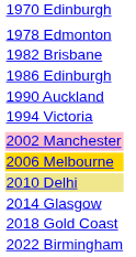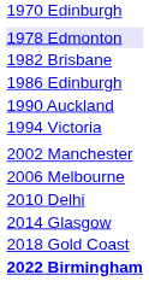 <table>
 <tr>
 <td><a href='#'>1970 Edinburgh</a></td>
 <td></td>
 <td></td>
 <td></td>
 </tr>
 <tr>
 <td></td>
 <td></td>
 <td></td>
 <td></td>
 </tr>
 <tr>
-<td><a href='#'>1978 Edmonton</a></td>
+<td style="background: lavender;"><a href='#'>1978 Edmonton</a></td>
 <td></td>
 <td></td>
 <td></td>
 </tr>
 <tr>
 <td><a href='#'>1982 Brisbane</a></td>
 <td></td>
 <td></td>
 <td></td>
 </tr>
 <tr>
 <td><a href='#'>1986 Edinburgh</a></td>
 <td></td>
 <td></td>
 <td></td>
 </tr>
 <tr>
 <td><a href='#'>1990 Auckland</a></td>
 <td></td>
 <td></td>
 <td></td>
 </tr>
 <tr>
 <td><a href='#'>1994 Victoria</a></td>
 <td></td>
 <td></td>
 <td></td>
 </tr>
 <tr>
 <td></td>
 <td></td>
 <td></td>
 <td></td>
 </tr>
 <tr>
-<td style="background: pink;"><a href='#'>2002 Manchester</a><br></td>
+<td><a href='#'>2002 Manchester</a><br></td>
 <td></td>
 <td></td>
 <td></td>
 </tr>
 <tr>
-<td style="background: gold;"><a href='#'>2006 Melbourne</a><br></td>
+<td><a href='#'>2006 Melbourne</a><br></td>
 <td></td>
 <td></td>
 <td></td>
 </tr>
 <tr>
-<td style="background: khaki;"><a href='#'>2010 Delhi</a><br></td>
+<td><a href='#'>2010 Delhi</a><br></td>
 <td></td>
 <td></td>
 <td></td>
 </tr>
 <tr>
 <td><a href='#'>2014 Glasgow</a><br></td>
 <td></td>
 <td></td>
 <td></td>
 </tr>
 <tr>
 <td><a href='#'>2018 Gold Coast</a><br></td>
 <td></td>
 <td></td>
 <td></td>
 </tr>
 <tr>
-<td><a href='#'>2022 Birmingham</a><br></td>
+<td><strong><a href='#'>2022 Birmingham</a><br></strong></td>
 <td></td>
 <td></td>
 <td></td>
 </tr>
 </table>
